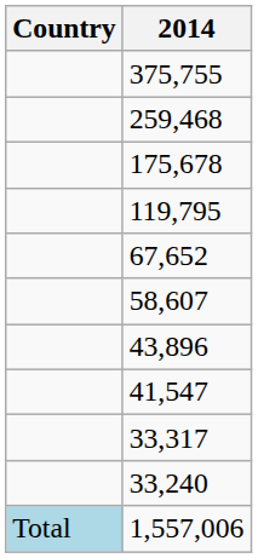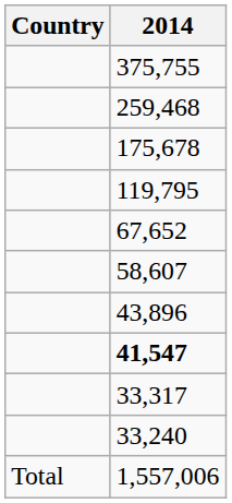 <table class="wikitable sortable collapsible collapsed">
 <tr>
 <th>Country</th>
 <th>2014</th>
 </tr>
 <tr>
 <td></td>
 <td>375,755</td>
 </tr>
 <tr>
 <td></td>
 <td>259,468</td>
 </tr>
 <tr>
 <td></td>
 <td>175,678</td>
 </tr>
 <tr>
 <td></td>
 <td>119,795</td>
 </tr>
 <tr>
 <td></td>
 <td>67,652</td>
 </tr>
 <tr>
 <td></td>
 <td>58,607</td>
 </tr>
 <tr>
 <td></td>
 <td>43,896</td>
 </tr>
 <tr>
 <td></td>
-<td>41,547</td>
+<td><strong>41,547</strong></td>
 </tr>
 <tr>
 <td></td>
 <td>33,317</td>
 </tr>
 <tr>
 <td></td>
 <td>33,240</td>
 </tr>
 <tr>
-<td style="background: lightblue;">Total</td>
+<td>Total</td>
 <td>1,557,006</td>
 </tr>
 </table>
